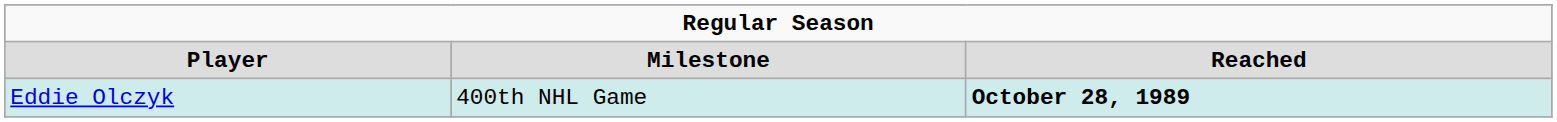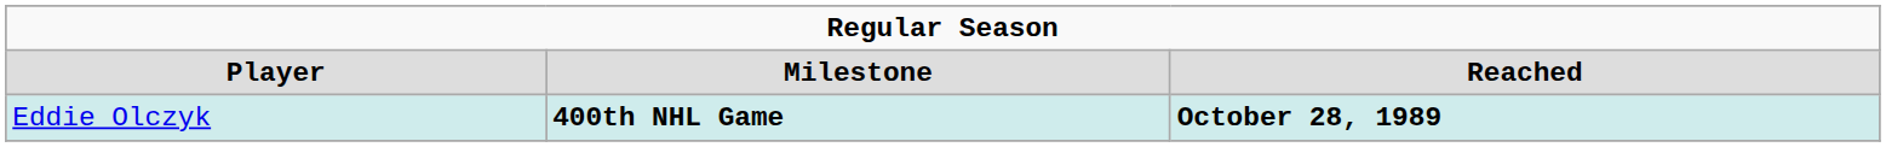 <table class="wikitable" style="width:70%;">
 <tr>
 <td colspan="10" style="text-align:center;"><strong>Regular Season</strong></td>
 </tr>
 <tr style="text-align:center; background:#ddd;">
 <td><strong>Player</strong></td>
 <td><strong>Milestone</strong></td>
 <td><strong>Reached</strong></td>
 </tr>
 <tr style="background:#cfecec;">
 <td><a href='#'>Eddie Olczyk</a></td>
-<td>400th NHL Game</td>
+<td><strong>400th NHL Game</strong></td>
 <td><strong>October 28, 1989</strong></td>
 </tr>
 </table>
